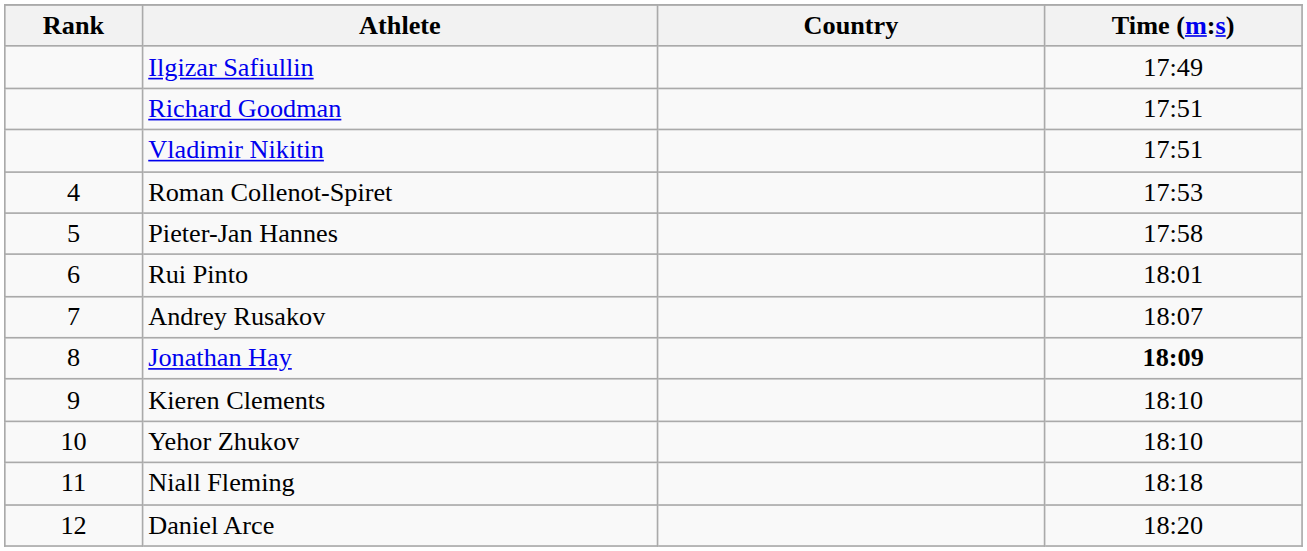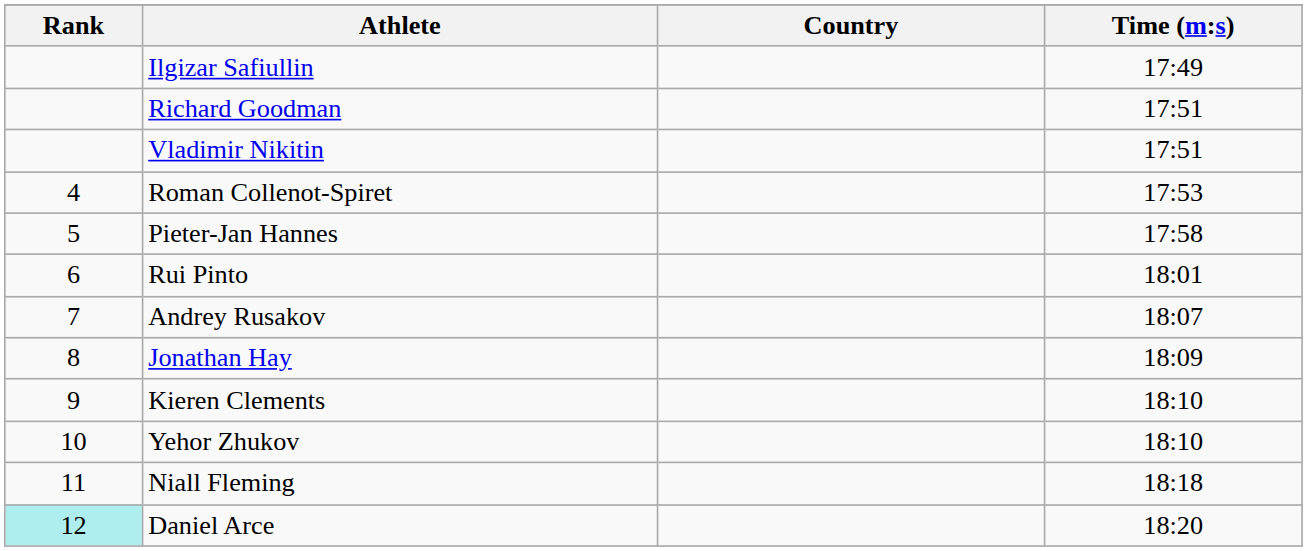 <table class="wikitable" width=50%>
 <tr>
 </tr>
 <tr>
 <th width=5%>Rank</th>
 <th width=20%>Athlete</th>
 <th width=15%>Country</th>
 <th width=10%>Time (<a href='#'>m</a>:<a href='#'>s</a>)</th>
 </tr>
 <tr align="center">
 <td></td>
 <td align="left"><a href='#'>Ilgizar Safiullin</a></td>
 <td align="left"></td>
 <td>17:49</td>
 </tr>
 <tr align="center">
 <td></td>
 <td align="left"><a href='#'>Richard Goodman</a></td>
 <td align="left"></td>
 <td>17:51</td>
 </tr>
 <tr align="center">
 <td></td>
 <td align="left"><a href='#'>Vladimir Nikitin</a></td>
 <td align="left"></td>
 <td>17:51</td>
 </tr>
 <tr align="center">
 <td>4</td>
 <td align="left">Roman Collenot-Spiret</td>
 <td align="left"></td>
 <td>17:53</td>
 </tr>
 <tr align="center">
 <td>5</td>
 <td align="left">Pieter-Jan Hannes</td>
 <td align="left"></td>
 <td>17:58</td>
 </tr>
 <tr align="center">
 <td>6</td>
 <td align="left">Rui Pinto</td>
 <td align="left"></td>
 <td>18:01</td>
 </tr>
 <tr align="center">
 <td>7</td>
 <td align="left">Andrey Rusakov</td>
 <td align="left"></td>
 <td>18:07</td>
 </tr>
 <tr align="center">
 <td>8</td>
 <td align="left"><a href='#'>Jonathan Hay</a></td>
 <td align="left"></td>
-<td><strong>18:09</strong></td>
+<td>18:09</td>
 </tr>
 <tr align="center">
 <td>9</td>
 <td align="left">Kieren Clements</td>
 <td align="left"></td>
 <td>18:10</td>
 </tr>
 <tr align="center">
 <td>10</td>
 <td align="left">Yehor Zhukov</td>
 <td align="left"></td>
 <td>18:10</td>
 </tr>
 <tr align="center">
 <td>11</td>
 <td align="left">Niall Fleming</td>
 <td align="left"></td>
 <td>18:18</td>
 </tr>
 <tr align="center">
-<td>12</td>
+<td style="background: paleturquoise;">12</td>
 <td align="left">Daniel Arce</td>
 <td align="left"></td>
 <td>18:20</td>
 </tr>
 </table>
